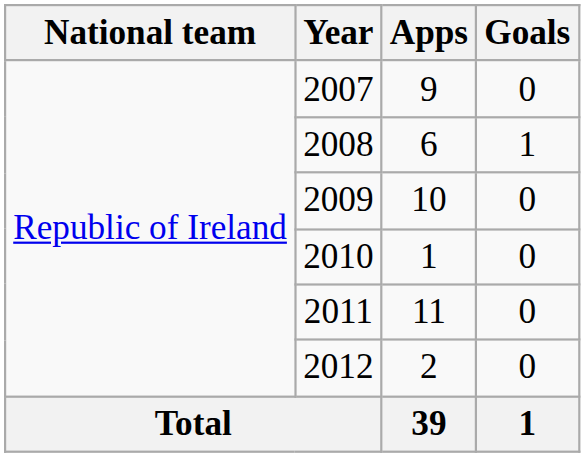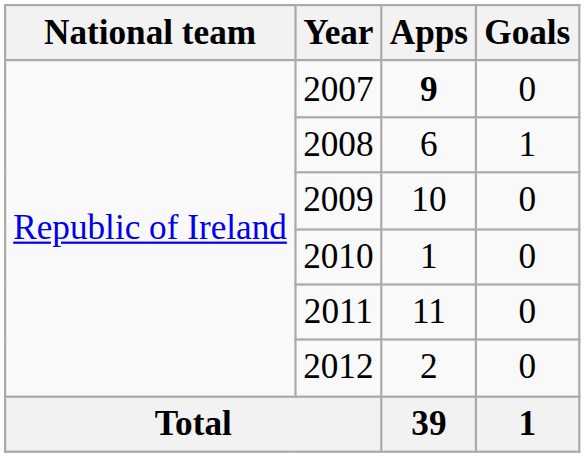 <table class="wikitable" style="text-align:center">
 <tr>
 <th>National team</th>
 <th>Year</th>
 <th>Apps</th>
 <th>Goals</th>
 </tr>
 <tr>
 <td rowspan="6"><a href='#'>Republic of Ireland</a></td>
 <td>2007</td>
-<td>9</td>
+<td><strong>9</strong></td>
 <td>0</td>
 </tr>
 <tr>
 <td>2008</td>
 <td>6</td>
 <td>1</td>
 </tr>
 <tr>
 <td>2009</td>
 <td>10</td>
 <td>0</td>
 </tr>
 <tr>
 <td>2010</td>
 <td>1</td>
 <td>0</td>
 </tr>
 <tr>
 <td>2011</td>
 <td>11</td>
 <td>0</td>
 </tr>
 <tr>
 <td>2012</td>
 <td>2</td>
 <td>0</td>
 </tr>
 <tr>
 <th colspan="2">Total</th>
 <th>39</th>
 <th>1</th>
 </tr>
 </table>
